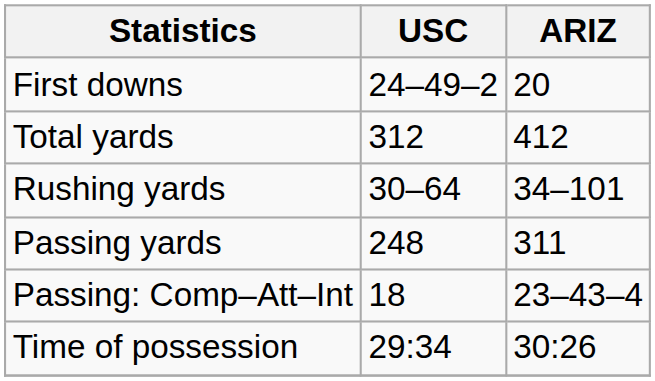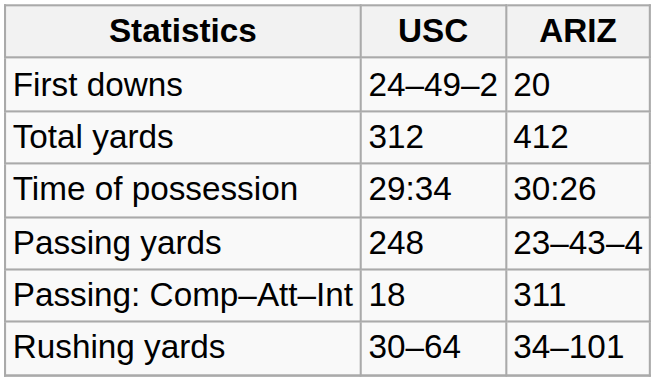 <table class="wikitable" style="float: left;">
 <tr>
 <th>Statistics</th>
 <th>USC</th>
 <th>ARIZ</th>
 </tr>
 <tr>
 <td>First downs</td>
 <td>24–49–2</td>
 <td>20</td>
 </tr>
 <tr>
 <td>Total yards</td>
 <td>312</td>
 <td>412</td>
 </tr>
 <tr>
+<td>Time of possession</td>
+<td>29:34</td>
+<td>30:26</td>
+</tr>
+<tr>
+<td>Passing yards</td>
+<td>248</td>
+<td>23–43–4</td>
+</tr>
+<tr>
+<td>Passing: Comp–Att–Int</td>
+<td>18</td>
+<td>311</td>
+</tr>
+<tr>
 <td>Rushing yards</td>
 <td>30–64</td>
 <td>34–101</td>
 </tr>
 <tr>
-<td>Passing yards</td>
-<td>248</td>
-<td>311</td>
-</tr>
-<tr>
-<td>Passing: Comp–Att–Int</td>
-<td>18</td>
-<td>23–43–4</td>
-</tr>
-<tr>
-<td>Time of possession</td>
-<td>29:34</td>
-<td>30:26</td>
-</tr>
-<tr>
 </tr>
 </table>
